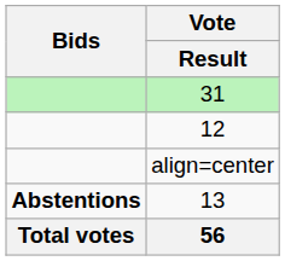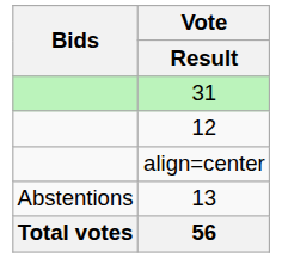 <table class="wikitable" style="margin: 0 auto;text-align: left">
 <tr>
 <th rowspan="2">Bids</th>
 <th colspan="2">Vote</th>
 </tr>
 <tr>
 <th>Result</th>
 </tr>
 <tr style="background:#BBF3BB">
 <td align=left></td>
 <td align=center>31</td>
 </tr>
 <tr>
 <td align=left></td>
 <td align=center>12</td>
 </tr>
 <tr>
 <td align=left><s></s></td>
 <td>align=center </td>
 </tr>
 <tr>
-<td align=left><strong>Abstentions</strong></td>
+<td align=left>Abstentions</td>
 <td align=center>13</td>
 </tr>
 <tr>
 <th align=left>Total votes</th>
 <th>56</th>
 </tr>
 </table>
